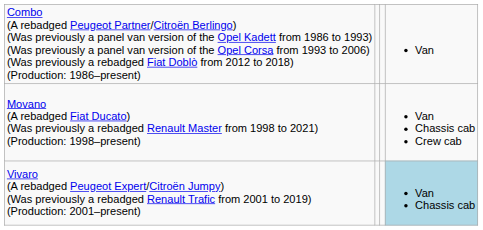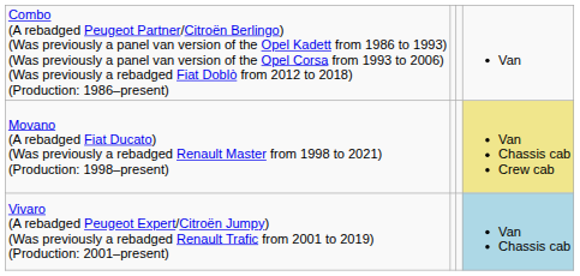 <table class="wikitable">
 <tr>
 <td><a href='#'>Combo</a><br>(A rebadged <a href='#'>Peugeot Partner</a>/<a href='#'>Citroën Berlingo</a>)<br>(Was previously a panel van version of the <a href='#'>Opel Kadett</a> from 1986 to 1993)<br>(Was previously a panel van version of the <a href='#'>Opel Corsa</a> from 1993 to 2006)<br>(Was previously a rebadged <a href='#'>Fiat Doblò</a> from 2012 to 2018)<br>(Production: 1986–present)</td>
 <td></td>
 <td></td>
 <td><br><ul><li>Van</li></ul></td>
 </tr>
 <tr>
 <td><a href='#'>Movano</a><br>(A rebadged <a href='#'>Fiat Ducato</a>)<br>(Was previously a rebadged <a href='#'>Renault Master</a> from 1998 to 2021)<br>(Production: 1998–present)</td>
 <td></td>
 <td></td>
-<td><br><ul><li>Van</li><li>Chassis cab</li><li>Crew cab</li></ul></td>
+<td style="background: khaki;"><br><ul><li>Van</li><li>Chassis cab</li><li>Crew cab</li></ul></td>
 </tr>
 <tr>
 <td><a href='#'>Vivaro</a><br>(A rebadged <a href='#'>Peugeot Expert</a>/<a href='#'>Citroën Jumpy</a>)<br>(Was previously a rebadged <a href='#'>Renault Trafic</a> from 2001 to 2019)<br>(Production: 2001–present)</td>
 <td></td>
 <td></td>
 <td style="background: lightblue;"><br><ul><li>Van</li><li>Chassis cab</li></ul></td>
 </tr>
 </table>
